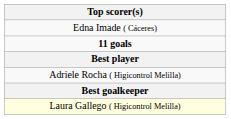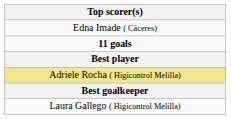 <table class="wikitable" style="margin: 1em auto 1em auto;">
 <tr>
 <th width=350 colspan=3>Top scorer(s)</th>
 </tr>
 <tr align=center style="background:">
 <td style="text-align:center;"> Edna Imade <small>( Cáceres)</small></td>
 </tr>
 <tr>
 <td style="text-align:center;"><strong>11 goals</strong></td>
 </tr>
 <tr>
 <th colspan=3>Best player</th>
 </tr>
 <tr>
-<td style="text-align:center;"> Adriele Rocha <small>( Higicontrol Melilla)</small></td>
+<td style="background: khaki; text-align:center;"> Adriele Rocha <small>( Higicontrol Melilla)</small></td>
 </tr>
 <tr>
 <th colspan=3>Best goalkeeper</th>
 </tr>
 <tr>
-<td style="background: lightyellow; text-align:center;"> Laura Gallego <small>( Higicontrol Melilla)</small></td>
+<td style="text-align:center;"> Laura Gallego <small>( Higicontrol Melilla)</small></td>
 </tr>
 </table>
